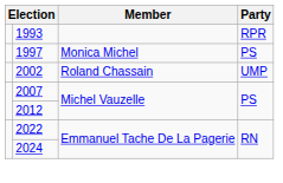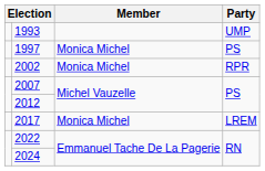 <table class="wikitable">
 <tr>
 <th colspan="2">Election</th>
 <th>Member</th>
 <th>Party</th>
 </tr>
 <tr>
 <td style="color:inherit;background-color: "></td>
 <td><a href='#'>1993</a></td>
 <td></td>
-<td><a href='#'>RPR</a></td>
+<td><a href='#'>UMP</a></td>
 </tr>
 <tr>
 <td style="color:inherit;background-color: "></td>
 <td><a href='#'>1997</a></td>
 <td><a href='#'>Monica Michel</a></td>
 <td><a href='#'>PS</a></td>
 </tr>
 <tr>
 <td style="color:inherit;background-color: "></td>
 <td><a href='#'>2002</a></td>
-<td><a href='#'>Roland Chassain</a></td>
-<td><a href='#'>UMP</a></td>
+<td><a href='#'>Monica Michel</a></td>
+<td><a href='#'>RPR</a></td>
 </tr>
 <tr>
 <td rowspan=2 style="color:inherit;background-color: "></td>
 <td><a href='#'>2007</a></td>
 <td rowspan=2><a href='#'>Michel Vauzelle</a></td>
 <td rowspan=2><a href='#'>PS</a></td>
 </tr>
 <tr>
 <td><a href='#'>2012</a></td>
 </tr>
 <tr>
+<td style="color:inherit;background-color: "></td>
+<td><a href='#'>2017</a></td>
+<td><a href='#'>Monica Michel</a></td>
+<td><a href='#'>LREM</a></td>
+</tr>
+<tr>
 <td rowspan=2 style="color:inherit;background-color: "></td>
 <td><a href='#'>2022</a></td>
 <td rowspan=2><a href='#'>Emmanuel Tache De La Pagerie</a></td>
 <td rowspan=2><a href='#'>RN</a></td>
 </tr>
 <tr>
 <td><a href='#'>2024</a></td>
 </tr>
 </table>
